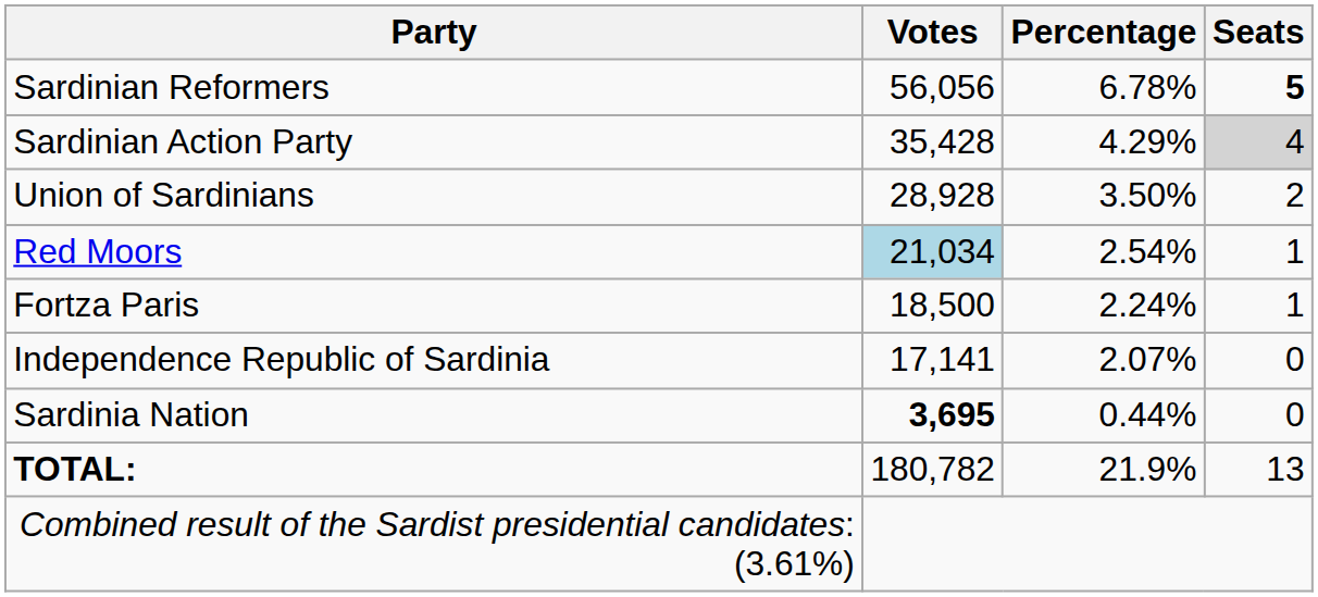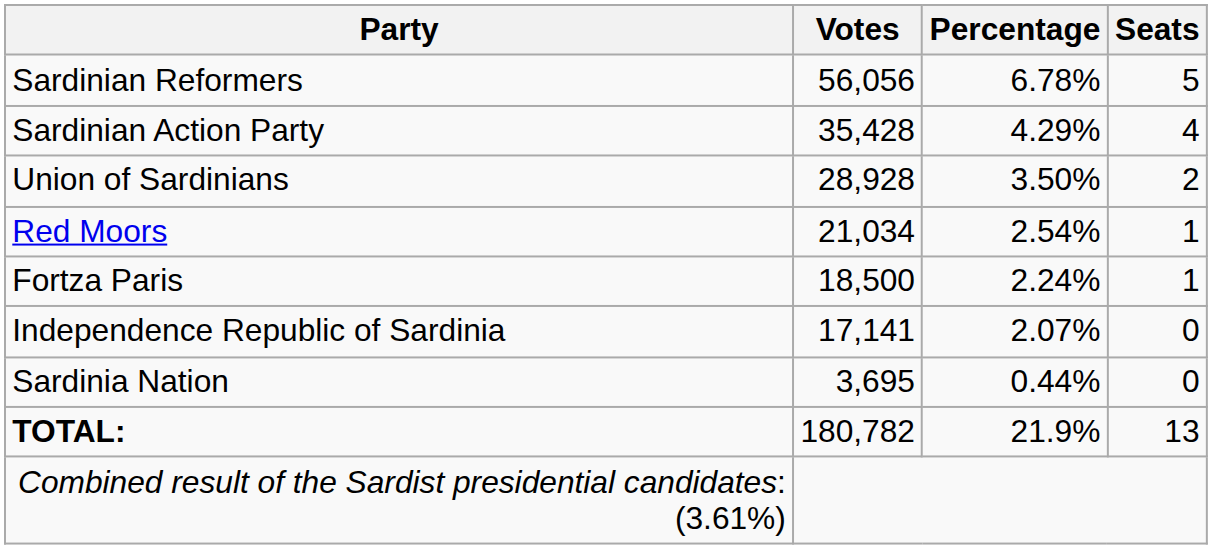 <table class="wikitable mw-collapsible" style="text-align:right">
 <tr>
 <th>Party</th>
 <th>Votes</th>
 <th>Percentage</th>
 <th>Seats</th>
 </tr>
 <tr>
 <td style="text-align:left;">Sardinian Reformers</td>
 <td>56,056</td>
 <td>6.78%</td>
-<td><strong>5</strong></td>
+<td>5</td>
 </tr>
 <tr>
 <td style="text-align:left;">Sardinian Action Party</td>
 <td>35,428</td>
 <td>4.29%</td>
-<td style="background: lightgrey;">4</td>
+<td>4</td>
 </tr>
 <tr>
 <td style="text-align:left;">Union of Sardinians</td>
 <td>28,928</td>
 <td>3.50%</td>
 <td>2</td>
 </tr>
 <tr>
 <td style="text-align:left;"><a href='#'>Red Moors</a></td>
-<td style="background: lightblue;">21,034</td>
+<td>21,034</td>
 <td>2.54%</td>
 <td>1</td>
 </tr>
 <tr>
 <td style="text-align:left;">Fortza Paris</td>
 <td>18,500</td>
 <td>2.24%</td>
 <td>1</td>
 </tr>
 <tr>
 <td style="text-align:left;">Independence Republic of Sardinia</td>
 <td>17,141</td>
 <td>2.07%</td>
 <td>0</td>
 </tr>
 <tr>
 <td style="text-align:left;">Sardinia Nation</td>
-<td><strong>3,695</strong></td>
+<td>3,695</td>
 <td>0.44%</td>
 <td>0</td>
 </tr>
 <tr>
 <td style="text-align:left;"><strong>TOTAL:</strong></td>
 <td>180,782</td>
 <td>21.9%</td>
 <td>13</td>
 </tr>
 <tr>
 <td><em>Combined result of the Sardist presidential candidates</em>:  (3.61%)</td>
 </tr>
 </table>
